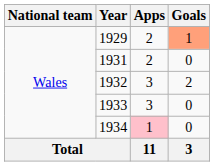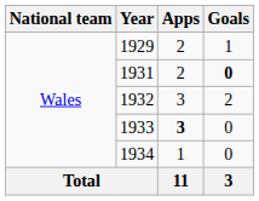 <table class="wikitable" style="text-align: center;">
 <tr>
 <th>National team</th>
 <th>Year</th>
 <th>Apps</th>
 <th>Goals</th>
 </tr>
 <tr>
 <td rowspan="5"><a href='#'>Wales</a></td>
 <td>1929</td>
 <td>2</td>
-<td style="background: lightsalmon;">1</td>
+<td>1</td>
 </tr>
 <tr>
 <td>1931</td>
 <td>2</td>
-<td>0</td>
+<td><strong>0</strong></td>
 </tr>
 <tr>
 <td>1932</td>
 <td>3</td>
 <td>2</td>
 </tr>
 <tr>
 <td>1933</td>
-<td>3</td>
+<td><strong>3</strong></td>
 <td>0</td>
 </tr>
 <tr>
 <td>1934</td>
-<td style="background: pink;">1</td>
+<td>1</td>
 <td>0</td>
 </tr>
 <tr>
 <th colspan="2">Total</th>
 <th>11</th>
 <th>3</th>
 </tr>
 </table>
